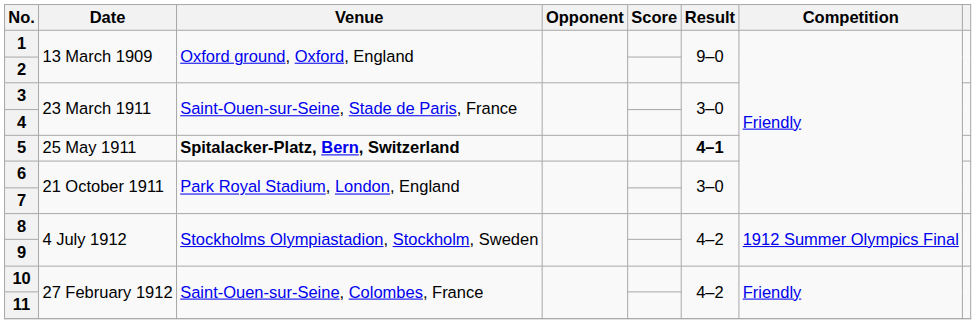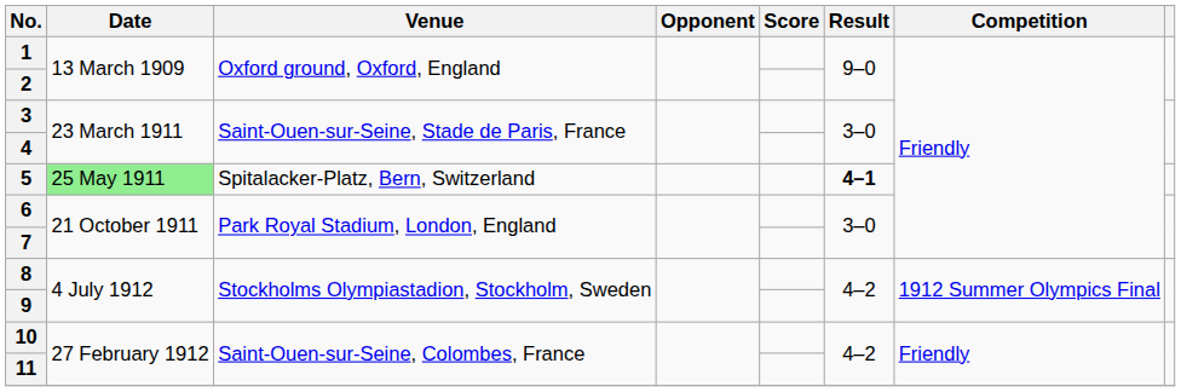 <table class="wikitable plainrowheaders sortable">
 <tr>
 <th scope=col>No.</th>
 <th scope=col>Date</th>
 <th scope=col>Venue</th>
 <th scope=col>Opponent</th>
 <th scope=col>Score</th>
 <th scope=col>Result</th>
 <th scope=col>Competition</th>
 <th scope=col class=unsortable></th>
 </tr>
 <tr>
 <th scope=row>1</th>
 <td rowspan=2>13 March 1909</td>
 <td rowspan=2><a href='#'>Oxford ground</a>, <a href='#'>Oxford</a>, England</td>
 <td rowspan=2></td>
 <td></td>
 <td rowspan=2 style="text-align:center;">9–0</td>
 <td rowspan=7><a href='#'>Friendly</a></td>
 <td rowspan=2></td>
 </tr>
 <tr>
 <th scope=row>2</th>
 <td></td>
 </tr>
 <tr>
 <th scope=row>3</th>
 <td rowspan=2>23 March 1911</td>
 <td rowspan=2><a href='#'>Saint-Ouen-sur-Seine</a>, <a href='#'>Stade de Paris</a>, France</td>
 <td rowspan=2></td>
 <td></td>
 <td rowspan=2 style="text-align:center;">3–0</td>
 <td rowspan=2></td>
 </tr>
 <tr>
 <th scope=row>4</th>
 <td></td>
 </tr>
 <tr>
 <th scope=row>5</th>
-<td>25 May 1911</td>
-<td><strong>Spitalacker-Platz, <a href='#'>Bern</a>, Switzerland</strong></td>
+<td style="background: lightgreen;">25 May 1911</td>
+<td>Spitalacker-Platz, <a href='#'>Bern</a>, Switzerland</td>
 <td></td>
 <td></td>
 <td style="text-align:center;"><strong>4–1</strong></td>
 <td></td>
 </tr>
 <tr>
 <th scope=row>6</th>
 <td rowspan=2>21 October 1911</td>
 <td rowspan=2><a href='#'>Park Royal Stadium</a>, <a href='#'>London</a>, England</td>
 <td rowspan=2></td>
 <td></td>
 <td rowspan=2 style="text-align:center;">3–0</td>
 <td rowspan=2></td>
 </tr>
 <tr>
 <th scope=row>7</th>
 <td></td>
 </tr>
 <tr>
 <th scope=row>8</th>
 <td rowspan=2>4 July 1912</td>
 <td rowspan=2><a href='#'>Stockholms Olympiastadion</a>, <a href='#'>Stockholm</a>, Sweden</td>
 <td rowspan=2></td>
 <td></td>
 <td rowspan=2 style="text-align:center;">4–2</td>
 <td rowspan=2><a href='#'>1912 Summer Olympics Final</a></td>
 <td rowspan=2></td>
 </tr>
 <tr>
 <th scope=row>9</th>
 <td></td>
 </tr>
 <tr>
 <th scope=row>10</th>
 <td rowspan=2>27 February 1912</td>
 <td rowspan=2><a href='#'>Saint-Ouen-sur-Seine</a>, <a href='#'>Colombes</a>, France</td>
 <td rowspan=2></td>
 <td></td>
 <td rowspan=2 style="text-align:center;">4–2</td>
 <td rowspan=2><a href='#'>Friendly</a></td>
 <td rowspan=2></td>
 </tr>
 <tr>
 <th scope=row>11</th>
 <td></td>
 </tr>
 <tr>
 </tr>
 </table>
